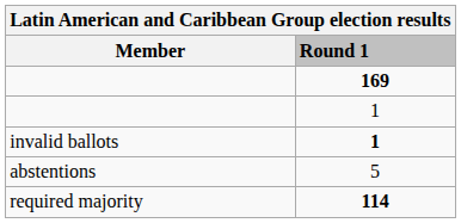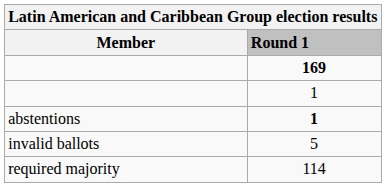 <table class="wikitable collapsible">
 <tr>
 <th colspan="2">Latin American and Caribbean Group election results</th>
 </tr>
 <tr>
 <th>Member</th>
 <td style="background:silver;"><strong>Round 1</strong></td>
 </tr>
 <tr>
 <td></td>
 <td style="text-align:center;"><strong>169</strong></td>
 </tr>
 <tr>
 <td></td>
 <td style="text-align:center;">1</td>
 </tr>
 <tr>
-<td>invalid ballots</td>
+<td>abstentions</td>
 <td style="text-align:center;"><strong>1</strong></td>
 </tr>
 <tr>
-<td>abstentions</td>
+<td>invalid ballots</td>
 <td style="text-align:center;">5</td>
 </tr>
 <tr>
 <td>required majority</td>
-<td style="text-align:center;"><strong>114</strong></td>
+<td style="text-align:center;">114</td>
 </tr>
 </table>
